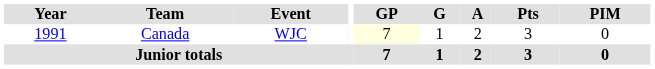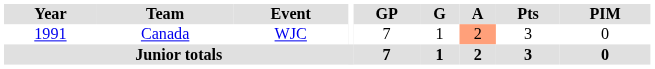 <table border="0" cellpadding="1" cellspacing="0" ID="Table3" style="text-align:center; width:40em">
 <tr bgcolor="#e0e0e0">
 <th>Year</th>
 <th>Team</th>
 <th>Event</th>
 <th rowspan="102" bgcolor="#ffffff"></th>
 <th>GP</th>
 <th>G</th>
 <th>A</th>
 <th>Pts</th>
 <th>PIM</th>
 </tr>
 <tr>
 <td><a href='#'>1991</a></td>
 <td><a href='#'>Canada</a></td>
 <td><a href='#'>WJC</a></td>
-<td style="background: lightyellow;">7</td>
+<td>7</td>
 <td>1</td>
-<td>2</td>
+<td style="background: lightsalmon;">2</td>
 <td>3</td>
 <td>0</td>
 </tr>
 <tr bgcolor="#e0e0e0">
 <th colspan="4">Junior totals</th>
 <th>7</th>
 <th>1</th>
 <th>2</th>
 <th>3</th>
 <th>0</th>
 </tr>
 </table>
